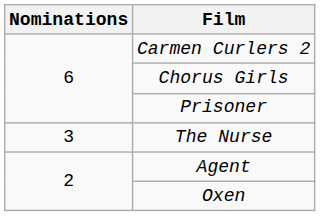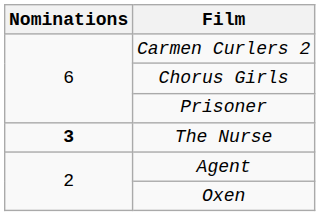 <table class="wikitable plainrowheaders" rowspan=2 style="text-align: center;" border="2" background: #f6e39c;>
 <tr>
 <th scope="col" style="width:55px;">Nominations</th>
 <th scope="col" style="text-align:center;">Film</th>
 </tr>
 <tr>
 <td rowspan="3">6</td>
 <td><em>Carmen Curlers 2</em></td>
 </tr>
 <tr>
 <td><em>Chorus Girls</em></td>
 </tr>
 <tr>
 <td><em>Prisoner</em></td>
 </tr>
 <tr>
-<td>3</td>
+<td><strong>3</strong></td>
 <td><em>The Nurse</em></td>
 </tr>
 <tr>
 <td rowspan="2">2</td>
 <td><em>Agent</em></td>
 </tr>
 <tr>
 <td><em>Oxen</em></td>
 </tr>
 </table>
